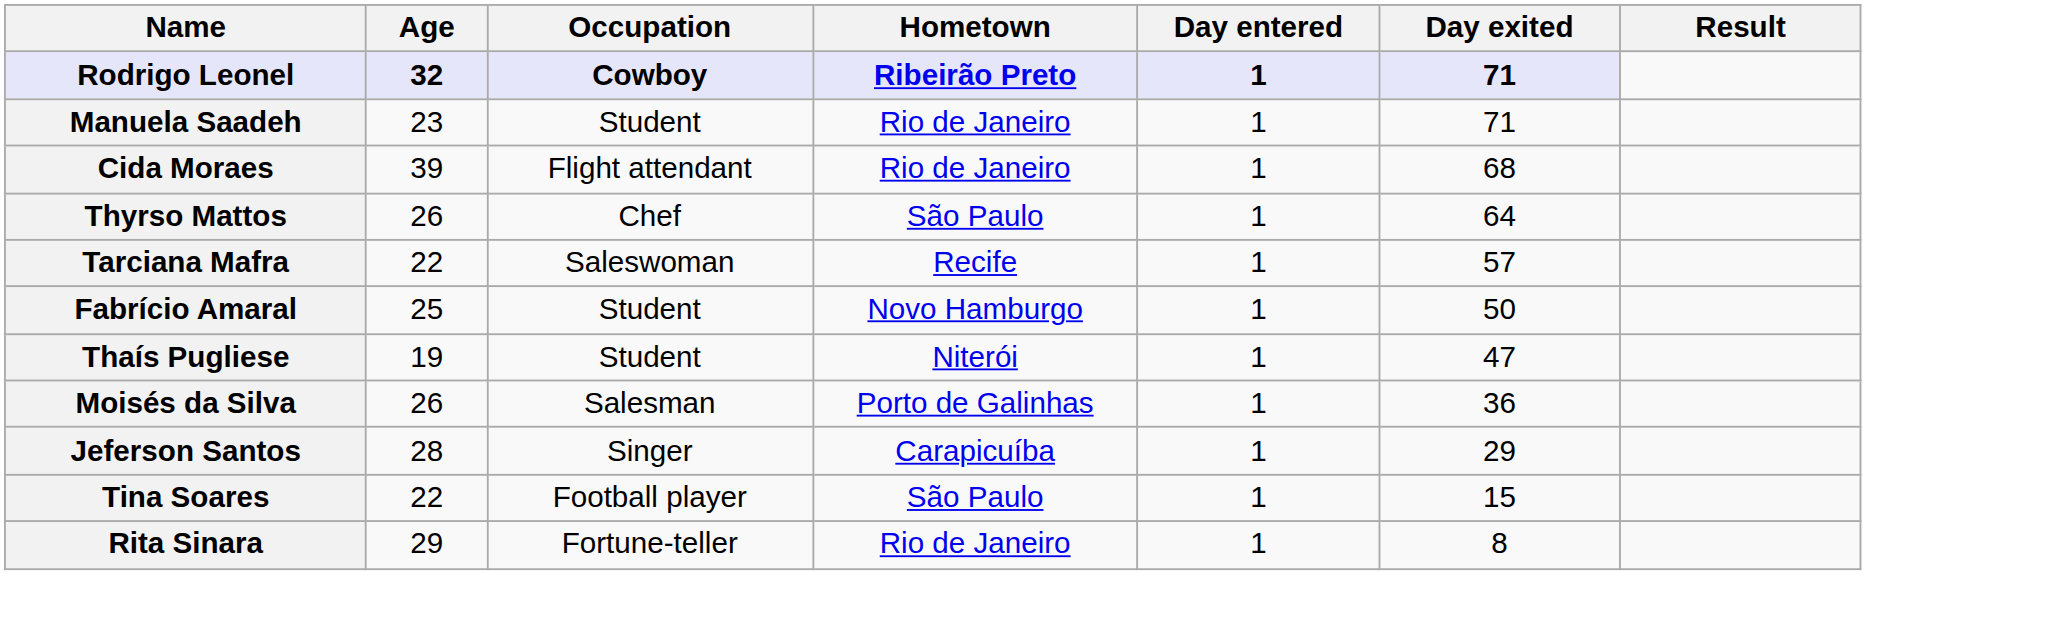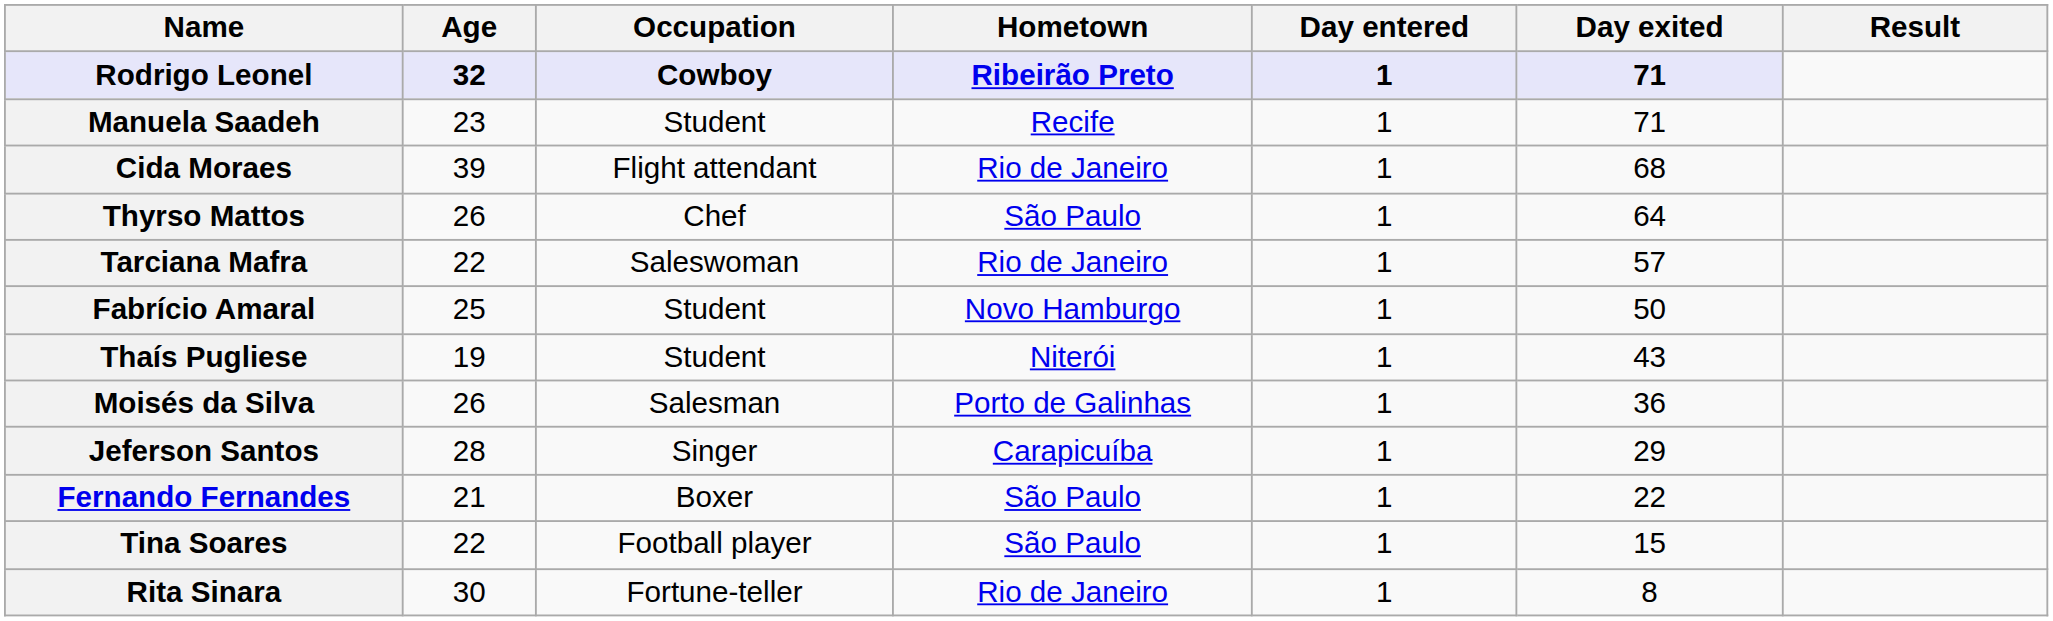 <table class="wikitable sortable" style="text-align:center;">
 <tr>
 <th scope="col" width="15.0%">Name</th>
 <th scope="col" width="05.0%">Age</th>
 <th scope="col" width="13.5%">Occupation</th>
 <th scope="col" width="13.5%">Hometown</th>
 <th scope="col" width="10.0%">Day entered</th>
 <th scope="col" width="10.0%">Day exited</th>
 <th scope="col" width="10.0%">Result</th>
 </tr>
 <tr>
 <td bgcolor="E6E6FA"><strong>Rodrigo Leonel</strong></td>
 <td bgcolor="E6E6FA"><strong>32</strong></td>
 <td bgcolor="E6E6FA"><strong>Cowboy</strong></td>
 <td bgcolor="E6E6FA"><strong><a href='#'>Ribeirão Preto</a></strong></td>
 <td bgcolor="E6E6FA"><strong>1</strong></td>
 <td bgcolor="E6E6FA"><strong>71</strong></td>
 <td></td>
 </tr>
 <tr>
 <th>Manuela Saadeh</th>
 <td>23</td>
 <td>Student</td>
-<td><a href='#'>Rio de Janeiro</a></td>
+<td><a href='#'>Recife</a></td>
 <td>1</td>
 <td>71</td>
 <td></td>
 </tr>
 <tr>
 <th>Cida Moraes</th>
 <td>39</td>
 <td>Flight attendant</td>
 <td><a href='#'>Rio de Janeiro</a></td>
 <td>1</td>
 <td>68</td>
 <td></td>
 </tr>
 <tr>
 <th>Thyrso Mattos</th>
 <td>26</td>
 <td>Chef</td>
 <td><a href='#'>São Paulo</a></td>
 <td>1</td>
 <td>64</td>
 <td></td>
 </tr>
 <tr>
 <th>Tarciana Mafra</th>
 <td>22</td>
 <td>Saleswoman</td>
-<td><a href='#'>Recife</a></td>
+<td><a href='#'>Rio de Janeiro</a></td>
 <td>1</td>
 <td>57</td>
 <td></td>
 </tr>
 <tr>
 <th>Fabrício Amaral</th>
 <td>25</td>
 <td>Student</td>
 <td><a href='#'>Novo Hamburgo</a></td>
 <td>1</td>
 <td>50</td>
 <td></td>
 </tr>
 <tr>
 <th>Thaís Pugliese</th>
 <td>19</td>
 <td>Student</td>
 <td><a href='#'>Niterói</a></td>
 <td>1</td>
-<td>47</td>
+<td>43</td>
 <td></td>
 </tr>
 <tr>
 <th>Moisés da Silva</th>
 <td>26</td>
 <td>Salesman</td>
 <td><a href='#'>Porto de Galinhas</a></td>
 <td>1</td>
 <td>36</td>
 <td></td>
 </tr>
 <tr>
 <th>Jeferson Santos</th>
 <td>28</td>
 <td>Singer</td>
 <td><a href='#'>Carapicuíba</a></td>
 <td>1</td>
 <td>29</td>
 <td></td>
 </tr>
 <tr>
+<th><a href='#'>Fernando Fernandes</a></th>
+<td>21</td>
+<td>Boxer</td>
+<td><a href='#'>São Paulo</a></td>
+<td>1</td>
+<td>22</td>
+<td></td>
+</tr>
+<tr>
 <th>Tina Soares</th>
 <td>22</td>
 <td>Football player</td>
 <td><a href='#'>São Paulo</a></td>
 <td>1</td>
 <td>15</td>
 <td></td>
 </tr>
 <tr>
 <th>Rita Sinara</th>
-<td>29</td>
+<td>30</td>
 <td>Fortune-teller</td>
 <td><a href='#'>Rio de Janeiro</a></td>
 <td>1</td>
 <td>8</td>
 <td></td>
 </tr>
 </table>
